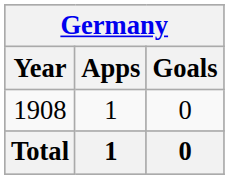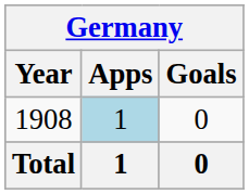 <table class="wikitable" style="text-align:center">
 <tr>
 <th colspan=3><a href='#'>Germany</a></th>
 </tr>
 <tr>
 <th>Year</th>
 <th>Apps</th>
 <th>Goals</th>
 </tr>
 <tr>
 <td>1908</td>
-<td>1</td>
+<td style="background: lightblue;">1</td>
 <td>0</td>
 </tr>
 <tr>
 <th>Total</th>
 <th>1</th>
 <th>0</th>
 </tr>
 </table>
